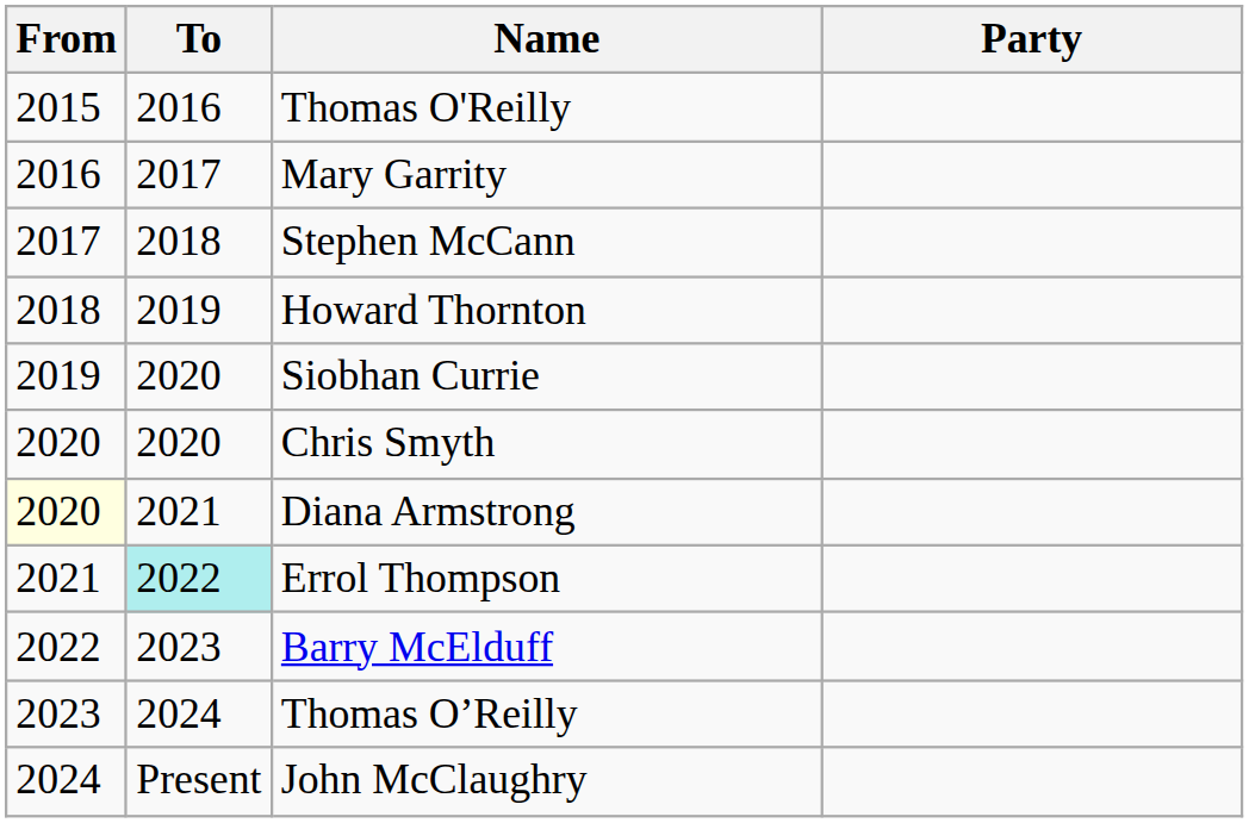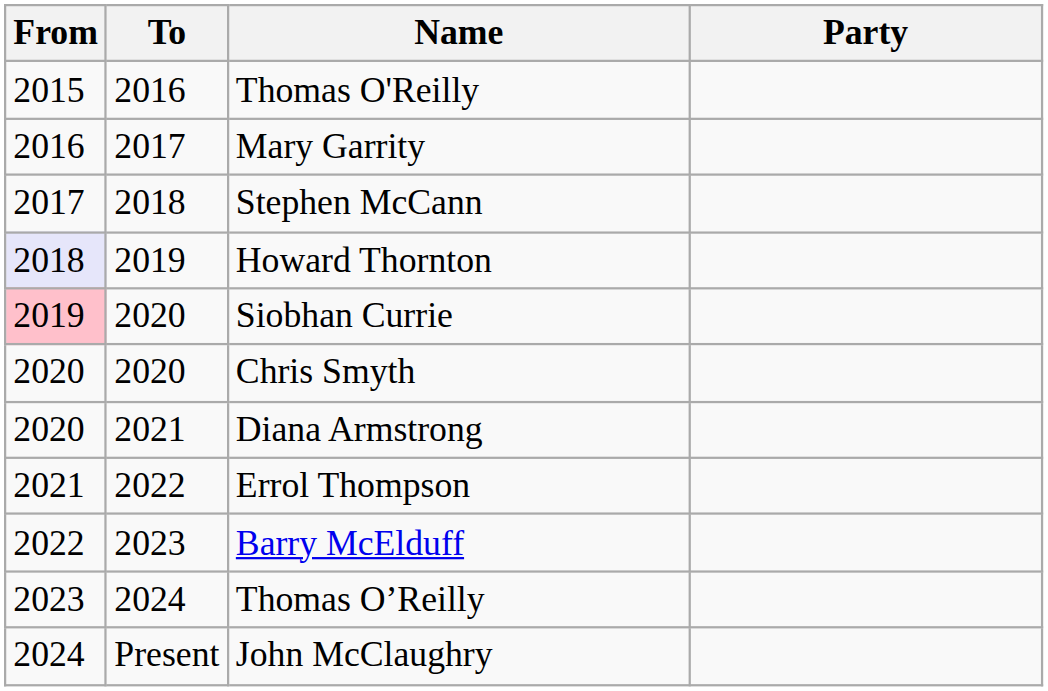 <table class="wikitable sortable">
 <tr>
 <th>From</th>
 <th>To</th>
 <th scope="col" width="200">Name</th>
 <th scope="col" width="150" colspan=2>Party</th>
 </tr>
 <tr>
 <td>2015</td>
 <td>2016</td>
 <td>Thomas O'Reilly</td>
 <td></td>
 </tr>
 <tr>
 <td>2016</td>
 <td>2017</td>
 <td>Mary Garrity</td>
 <td></td>
 </tr>
 <tr>
 <td>2017</td>
 <td>2018</td>
 <td>Stephen McCann</td>
 <td></td>
 </tr>
 <tr>
-<td>2018</td>
+<td style="background: lavender;">2018</td>
 <td>2019</td>
 <td>Howard Thornton</td>
 <td></td>
 </tr>
 <tr>
-<td>2019</td>
+<td style="background: pink;">2019</td>
 <td>2020</td>
 <td>Siobhan Currie</td>
 <td></td>
 </tr>
 <tr>
 <td>2020</td>
 <td>2020</td>
 <td>Chris Smyth</td>
 <td></td>
 </tr>
 <tr>
-<td style="background: lightyellow;">2020</td>
+<td>2020</td>
 <td>2021</td>
 <td>Diana Armstrong</td>
 <td></td>
 </tr>
 <tr>
 <td>2021</td>
-<td style="background: paleturquoise;">2022</td>
+<td>2022</td>
 <td>Errol Thompson</td>
 <td></td>
 </tr>
 <tr>
 <td>2022</td>
 <td>2023</td>
 <td><a href='#'>Barry McElduff</a></td>
 <td></td>
 </tr>
 <tr>
 <td>2023</td>
 <td>2024</td>
 <td>Thomas O’Reilly</td>
 <td></td>
 </tr>
 <tr>
 <td>2024</td>
 <td>Present</td>
 <td>John McClaughry</td>
 <td></td>
 </tr>
 </table>
